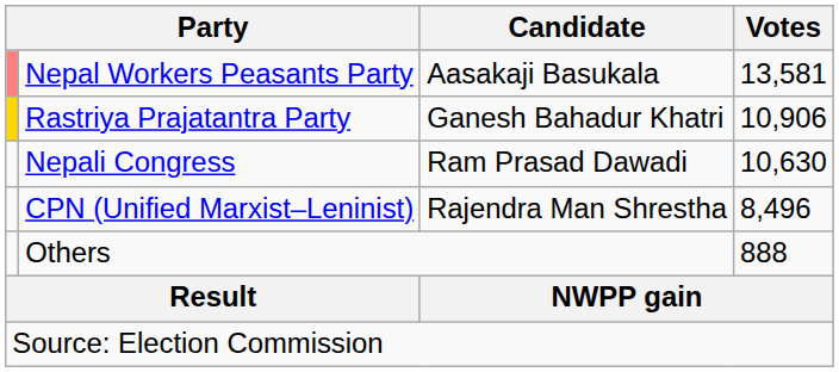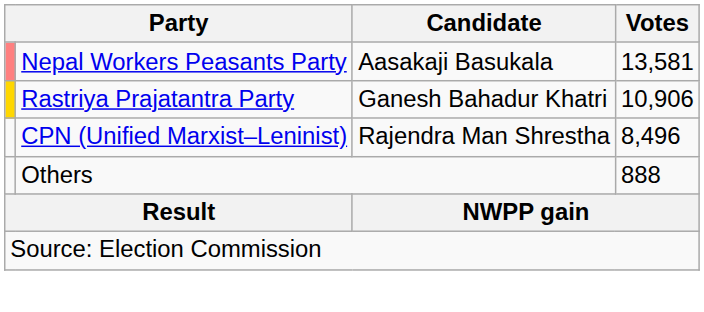 <table class="wikitable">
 <tr>
 <th colspan="2">Party</th>
 <th>Candidate</th>
 <th>Votes</th>
 </tr>
 <tr>
 <td style="background-color:#FF8080"></td>
 <td><a href='#'>Nepal Workers Peasants Party</a></td>
 <td>Aasakaji Basukala</td>
 <td>13,581</td>
 </tr>
 <tr>
 <td style="background-color:gold"></td>
 <td><a href='#'>Rastriya Prajatantra Party</a></td>
 <td>Ganesh Bahadur Khatri</td>
 <td>10,906</td>
 </tr>
 <tr>
 <td style="background-color:"></td>
-<td><a href='#'>Nepali Congress</a></td>
-<td>Ram Prasad Dawadi</td>
-<td>10,630</td>
-</tr>
-<tr>
-<td style="background-color:"></td>
 <td><a href='#'>CPN (Unified Marxist–Leninist)</a></td>
 <td>Rajendra Man Shrestha</td>
 <td>8,496</td>
 </tr>
 <tr>
 <td></td>
 <td colspan="2">Others</td>
 <td>888</td>
 </tr>
 <tr>
 <th colspan="2">Result</th>
 <th colspan="2">NWPP gain</th>
 </tr>
 <tr>
 <td colspan="4">Source: Election Commission </td>
 </tr>
 </table>
